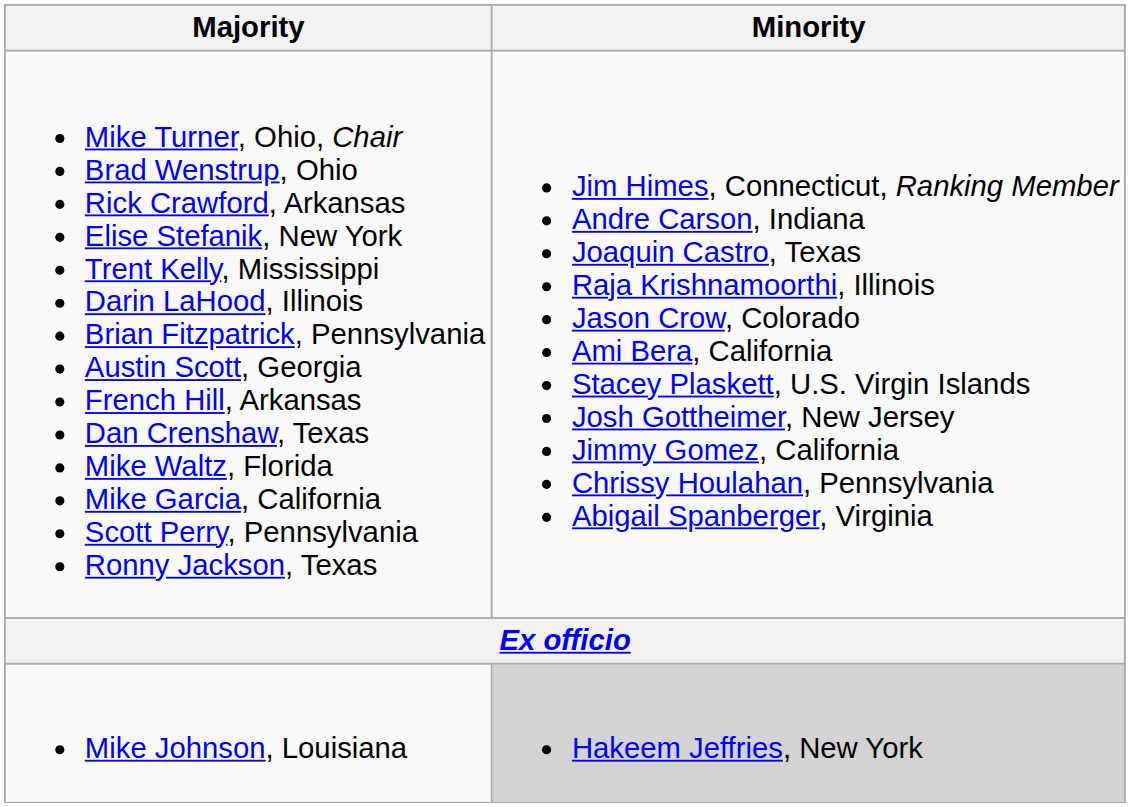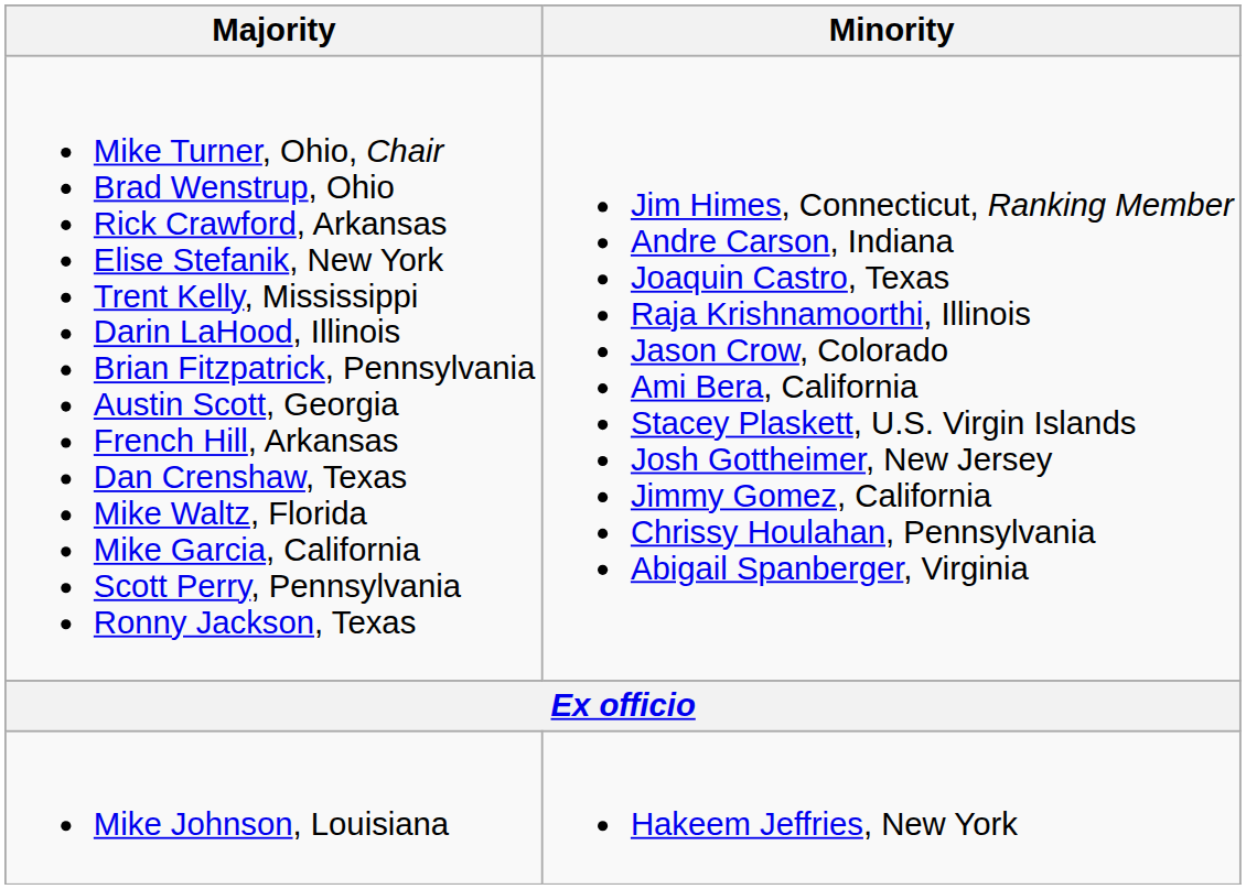 <table class="wikitable">
 <tr>
 <th>Majority</th>
 <th>Minority</th>
 </tr>
 <tr>
 <td style="background:"><br><ul><li><a href='#'>Mike Turner</a>, Ohio, <em>Chair</em></li><li><a href='#'>Brad Wenstrup</a>, Ohio</li><li><a href='#'>Rick Crawford</a>, Arkansas</li><li><a href='#'>Elise Stefanik</a>, New York</li><li><a href='#'>Trent Kelly</a>, Mississippi</li><li><a href='#'>Darin LaHood</a>, Illinois</li><li><a href='#'>Brian Fitzpatrick</a>, Pennsylvania</li><li><a href='#'>Austin Scott</a>, Georgia</li><li><a href='#'>French Hill</a>, Arkansas</li><li><a href='#'>Dan Crenshaw</a>, Texas</li><li><a href='#'>Mike Waltz</a>, Florida</li><li><a href='#'>Mike Garcia</a>, California</li><li><a href='#'>Scott Perry</a>, Pennsylvania</li><li><a href='#'>Ronny Jackson</a>, Texas</li></ul></td>
 <td style="background:"><br><ul><li><a href='#'>Jim Himes</a>, Connecticut, <em>Ranking Member</em></li><li><a href='#'>Andre Carson</a>, Indiana</li><li><a href='#'>Joaquin Castro</a>, Texas</li><li><a href='#'>Raja Krishnamoorthi</a>, Illinois</li><li><a href='#'>Jason Crow</a>, Colorado</li><li><a href='#'>Ami Bera</a>, California</li><li><a href='#'>Stacey Plaskett</a>, U.S. Virgin Islands</li><li><a href='#'>Josh Gottheimer</a>, New Jersey</li><li><a href='#'>Jimmy Gomez</a>, California</li><li><a href='#'>Chrissy Houlahan</a>, Pennsylvania</li><li><a href='#'>Abigail Spanberger</a>, Virginia</li></ul></td>
 </tr>
 <tr>
 <th colspan=2><em><a href='#'>Ex officio</a></em></th>
 </tr>
 <tr>
 <td><br><ul><li><a href='#'>Mike Johnson</a>, Louisiana</li></ul></td>
-<td style="background: lightgrey;"><br><ul><li><a href='#'>Hakeem Jeffries</a>, New York</li></ul></td>
+<td><br><ul><li><a href='#'>Hakeem Jeffries</a>, New York</li></ul></td>
 </tr>
 </table>
